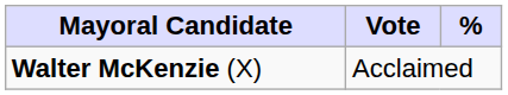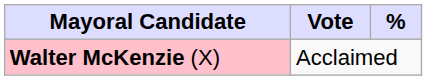 <table class="wikitable">
 <tr>
 <th style="background:#ddf; width:200px;">Mayoral Candidate </th>
 <th style="background:#ddf; width:50px;">Vote</th>
 <th style="background:#ddf; width:30px;">%</th>
 </tr>
 <tr>
-<td><strong>Walter McKenzie</strong> (X)</td>
+<td style="background: pink;"><strong>Walter McKenzie</strong> (X)</td>
 <td colspan="2">Acclaimed</td>
 </tr>
 </table>
